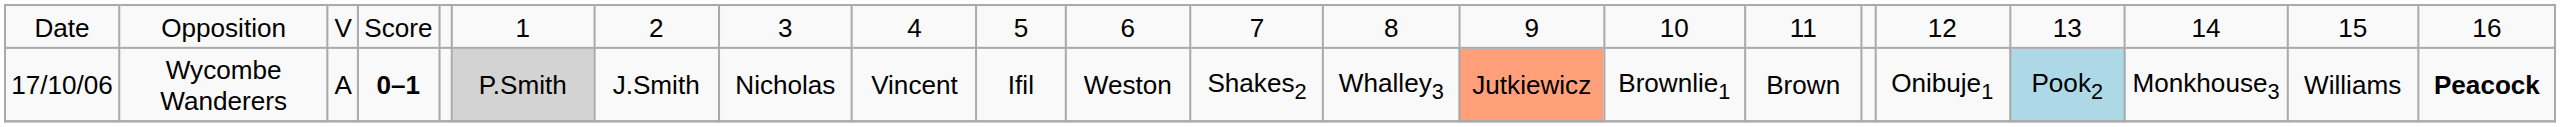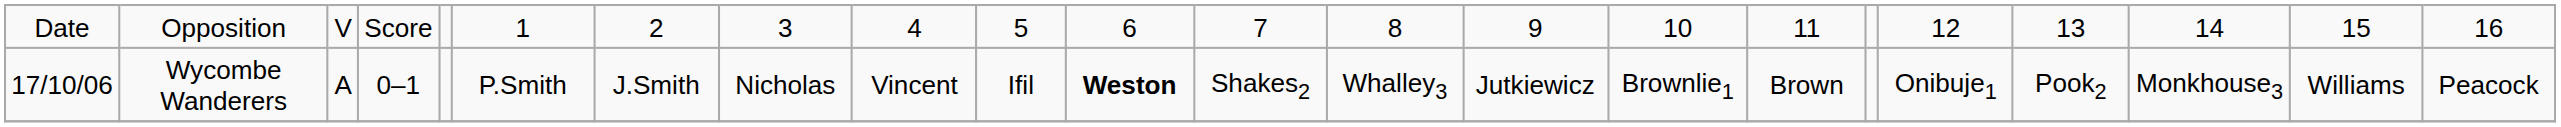 <table class="wikitable" style="font-size: 80%; text-align: center;">
 <tr style="text-align:center;">
 <td style="width:10px; ">Date</td>
 <td style="width:150px; ">Opposition</td>
 <td style="width:5px; ">V</td>
 <td style="width:5px; ">Score</td>
 <td style="width:1px; text-align:center;"></td>
 <td style="width:95px; ">1</td>
 <td style="width:75px; ">2</td>
 <td style="width:75px; ">3</td>
 <td style="width:75px; ">4</td>
 <td style="width:75px; ">5</td>
 <td style="width:75px; ">6</td>
 <td style="width:75px; ">7</td>
 <td style="width:75px; ">8</td>
 <td style="width:75px; ">9</td>
 <td style="width:75px; ">10</td>
 <td style="width:75px; ">11</td>
 <td style="width:1px; text-align:center;"></td>
 <td style="width:75px; ">12</td>
 <td style="width:75px; ">13</td>
 <td style="width:75px; ">14</td>
 <td style="width:75px; ">15</td>
 <td style="width:75px; ">16</td>
 </tr>
 <tr>
 <td>17/10/06</td>
 <td>Wycombe Wanderers</td>
 <td>A</td>
-<td><strong>0–1</strong></td>
+<td>0–1</td>
 <td></td>
-<td style="background: lightgrey;">P.Smith</td>
+<td>P.Smith</td>
 <td>J.Smith</td>
 <td>Nicholas</td>
 <td>Vincent</td>
 <td>Ifil</td>
-<td>Weston</td>
+<td><strong>Weston</strong></td>
 <td>Shakes<sub>2</sub></td>
 <td>Whalley<sub>3</sub></td>
-<td style="background: lightsalmon;">Jutkiewicz</td>
+<td>Jutkiewicz</td>
 <td>Brownlie<sub>1</sub></td>
 <td>Brown</td>
 <td></td>
 <td>Onibuje<sub>1</sub></td>
-<td style="background: lightblue;">Pook<sub>2</sub></td>
+<td>Pook<sub>2</sub></td>
 <td>Monkhouse<sub>3</sub></td>
 <td>Williams</td>
-<td><strong>Peacock</strong></td>
+<td>Peacock</td>
 </tr>
 <tr>
 </tr>
 </table>
